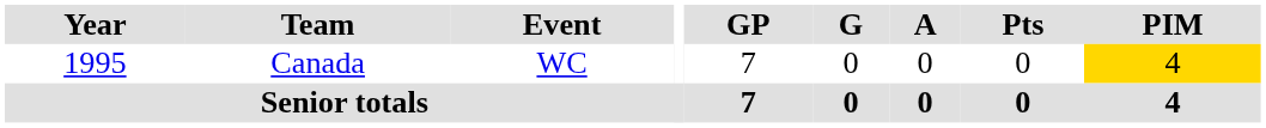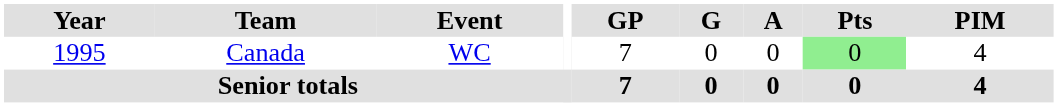 <table border="0" cellpadding="1" cellspacing="0" ID="Table3" style="text-align:center; width:40em">
 <tr bgcolor="#e0e0e0">
 <th>Year</th>
 <th>Team</th>
 <th>Event</th>
 <th rowspan="102" bgcolor="#ffffff"></th>
 <th>GP</th>
 <th>G</th>
 <th>A</th>
 <th>Pts</th>
 <th>PIM</th>
 </tr>
 <tr>
 <td><a href='#'>1995</a></td>
 <td><a href='#'>Canada</a></td>
 <td><a href='#'>WC</a></td>
 <td>7</td>
 <td>0</td>
 <td>0</td>
-<td>0</td>
-<td style="background: gold;">4</td>
+<td style="background: lightgreen;">0</td>
+<td>4</td>
 </tr>
 <tr bgcolor="#e0e0e0">
 <th colspan="4">Senior totals</th>
 <th>7</th>
 <th>0</th>
 <th>0</th>
 <th>0</th>
 <th>4</th>
 </tr>
 </table>
